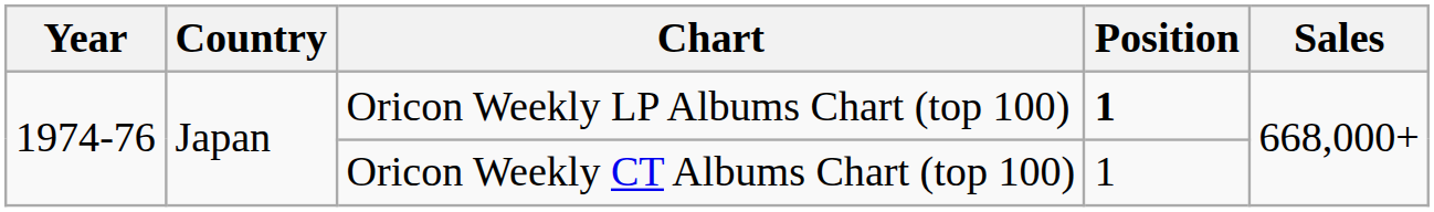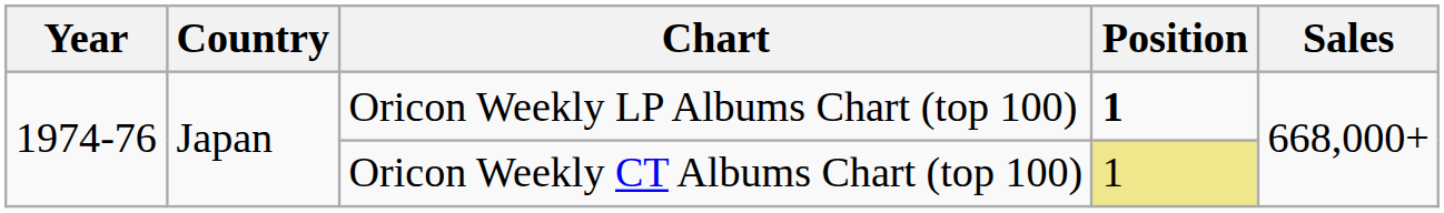 <table class="wikitable">
 <tr>
 <th>Year</th>
 <th>Country</th>
 <th>Chart</th>
 <th>Position</th>
 <th>Sales</th>
 </tr>
 <tr>
 <td rowspan=2>1974-76</td>
 <td rowspan=2>Japan</td>
 <td>Oricon Weekly LP Albums Chart (top 100)</td>
 <td><strong>1</strong></td>
 <td rowspan=2>668,000+</td>
 </tr>
 <tr>
 <td>Oricon Weekly <a href='#'>CT</a> Albums Chart (top 100)</td>
-<td>1</td>
+<td style="background: khaki;">1</td>
 </tr>
 </table>
